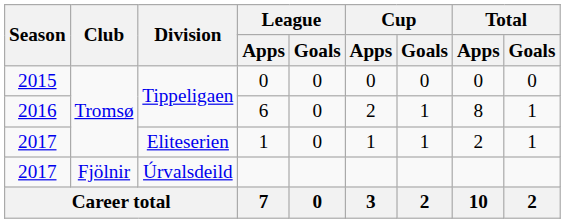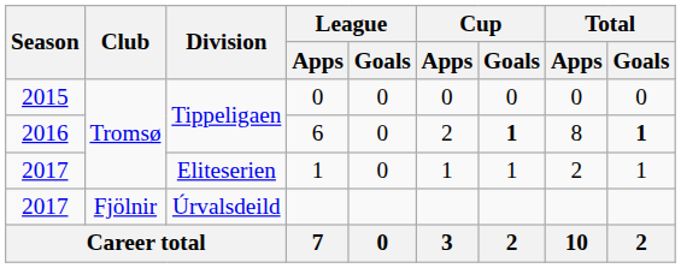 <table class="wikitable" style="text-align: center;">
 <tr>
 <th rowspan="2">Season</th>
 <th rowspan="2">Club</th>
 <th rowspan="2">Division</th>
 <th colspan="2">League</th>
 <th colspan="2">Cup</th>
 <th colspan="2">Total</th>
 </tr>
 <tr>
 <th>Apps</th>
 <th>Goals</th>
 <th>Apps</th>
 <th>Goals</th>
 <th>Apps</th>
 <th>Goals</th>
 </tr>
 <tr>
 <td><a href='#'>2015</a></td>
 <td rowspan="3" valign="center"><a href='#'>Tromsø</a></td>
 <td rowspan="2" valign="center"><a href='#'>Tippeligaen</a></td>
 <td>0</td>
 <td>0</td>
 <td>0</td>
 <td>0</td>
 <td>0</td>
 <td>0</td>
 </tr>
 <tr>
 <td><a href='#'>2016</a></td>
 <td>6</td>
 <td>0</td>
 <td>2</td>
-<td>1</td>
+<td><strong>1</strong></td>
 <td>8</td>
-<td>1</td>
+<td><strong>1</strong></td>
 </tr>
 <tr>
 <td><a href='#'>2017</a></td>
 <td rowspan="1" valign="center"><a href='#'>Eliteserien</a></td>
 <td>1</td>
 <td>0</td>
 <td>1</td>
 <td>1</td>
 <td>2</td>
 <td>1</td>
 </tr>
 <tr>
 <td><a href='#'>2017</a></td>
 <td rowspan="1" valign="center"><a href='#'>Fjölnir</a></td>
 <td rowspan="1" valign="center"><a href='#'>Úrvalsdeild</a></td>
 <td></td>
 <td></td>
 <td></td>
 <td></td>
 <td></td>
 <td></td>
 </tr>
 <tr>
 <th colspan="3">Career total</th>
 <th>7</th>
 <th>0</th>
 <th>3</th>
 <th>2</th>
 <th>10</th>
 <th>2</th>
 </tr>
 </table>
